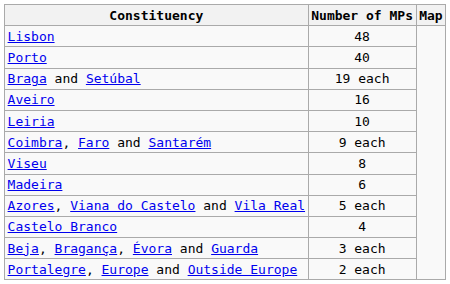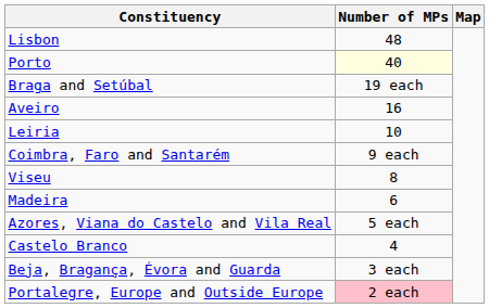 <table class="wikitable">
 <tr>
 <th>Constituency</th>
 <th>Number of MPs</th>
 <th>Map</th>
 </tr>
 <tr>
 <td><a href='#'>Lisbon</a></td>
 <td style="text-align:center;">48</td>
 <td style="text-align:center;" rowspan="12"></td>
 </tr>
 <tr>
 <td><a href='#'>Porto</a></td>
-<td style="text-align:center;">40</td>
+<td style="background: lightyellow; text-align:center;">40</td>
 </tr>
 <tr>
 <td><a href='#'>Braga</a> and <a href='#'>Setúbal</a></td>
 <td style="text-align:center;">19 each</td>
 </tr>
 <tr>
 <td><a href='#'>Aveiro</a></td>
 <td style="text-align:center;">16</td>
 </tr>
 <tr>
 <td><a href='#'>Leiria</a></td>
 <td style="text-align:center;">10</td>
 </tr>
 <tr>
 <td><a href='#'>Coimbra</a>, <a href='#'>Faro</a> and <a href='#'>Santarém</a></td>
 <td style="text-align:center;">9 each</td>
 </tr>
 <tr>
 <td><a href='#'>Viseu</a></td>
 <td style="text-align:center;">8</td>
 </tr>
 <tr>
 <td><a href='#'>Madeira</a></td>
 <td style="text-align:center;">6</td>
 </tr>
 <tr>
 <td><a href='#'>Azores</a>, <a href='#'>Viana do Castelo</a> and <a href='#'>Vila Real</a></td>
 <td style="text-align:center;">5 each</td>
 </tr>
 <tr>
 <td><a href='#'>Castelo Branco</a></td>
 <td style="text-align:center;">4</td>
 </tr>
 <tr>
 <td><a href='#'>Beja</a>, <a href='#'>Bragança</a>, <a href='#'>Évora</a> and <a href='#'>Guarda</a></td>
 <td style="text-align:center;">3 each</td>
 </tr>
 <tr>
 <td><a href='#'>Portalegre</a>, <a href='#'>Europe</a> and <a href='#'>Outside Europe</a></td>
-<td style="text-align:center;">2 each</td>
+<td style="background: pink; text-align:center;">2 each</td>
 </tr>
 </table>
